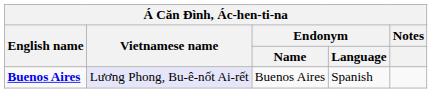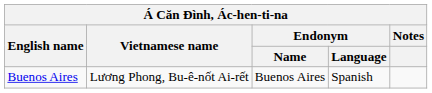 <table class="wikitable sortable">
 <tr>
 <th colspan="5"> Á Căn Đình, Ác-hen-ti-na</th>
 </tr>
 <tr>
 <th rowspan="2">English name</th>
 <th rowspan="2">Vietnamese name</th>
 <th colspan="2">Endonym</th>
 <th>Notes</th>
 </tr>
 <tr>
 <th>Name</th>
 <th>Language</th>
 <th></th>
 </tr>
 <tr>
-<td><strong><a href='#'>Buenos Aires</a></strong></td>
-<td style="background: lavender;">Lương Phong, Bu-ê-nốt Ai-rết</td>
+<td><a href='#'>Buenos Aires</a></td>
+<td>Lương Phong, Bu-ê-nốt Ai-rết</td>
 <td>Buenos Aires</td>
 <td>Spanish</td>
 <td></td>
 </tr>
 </table>
